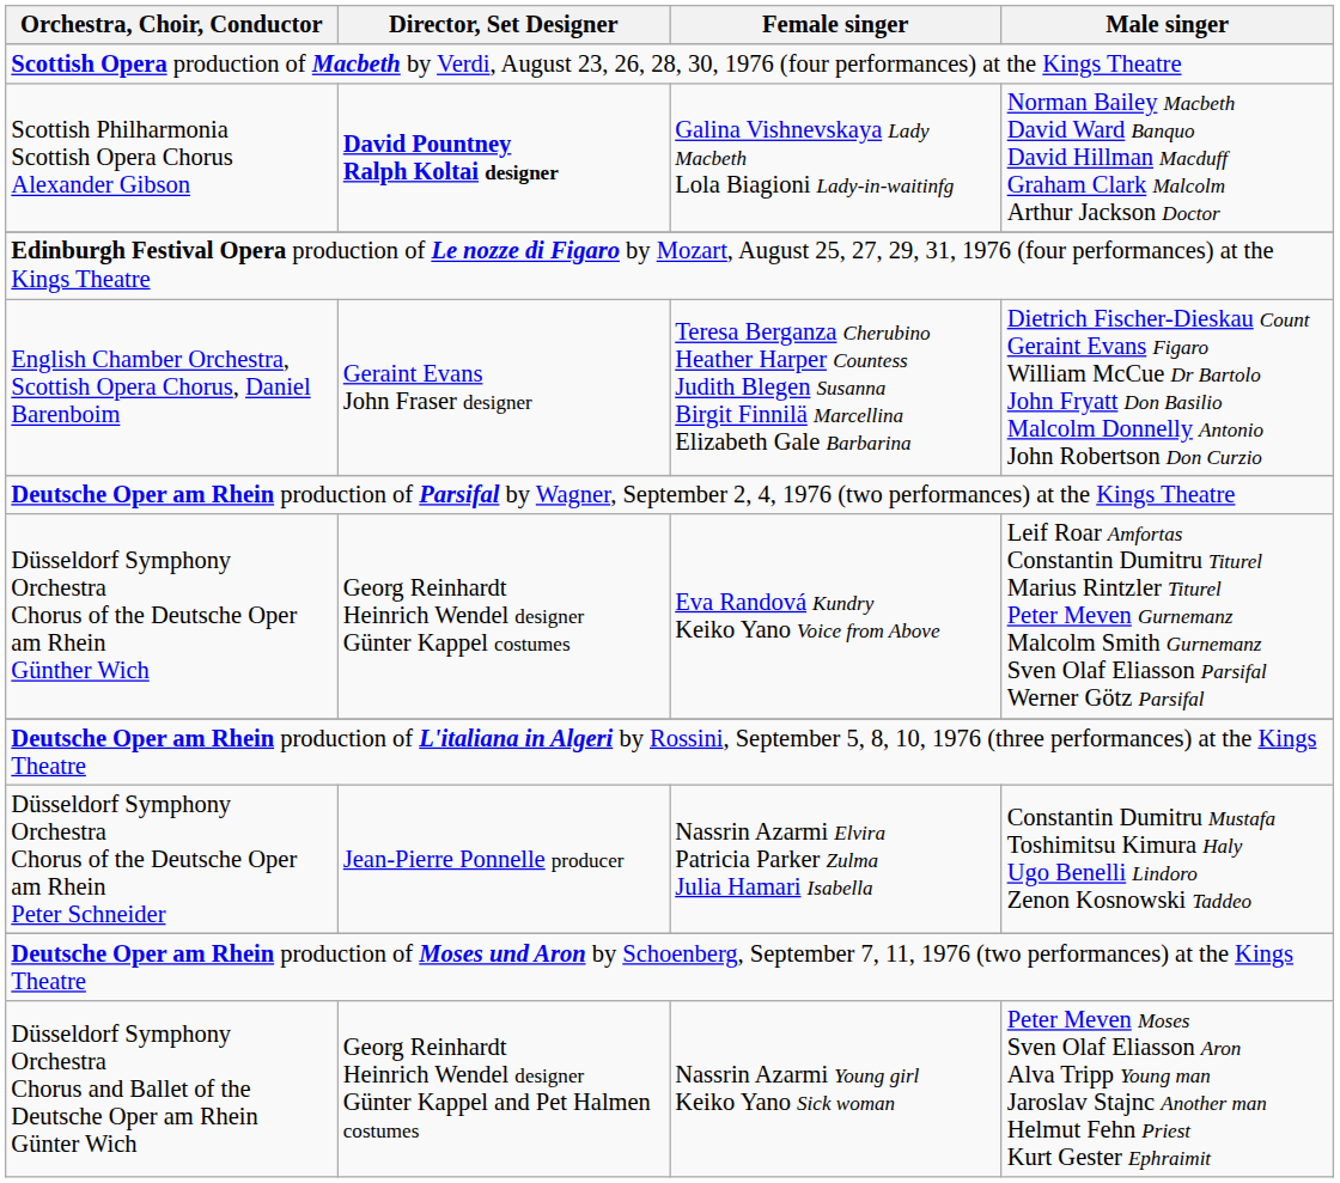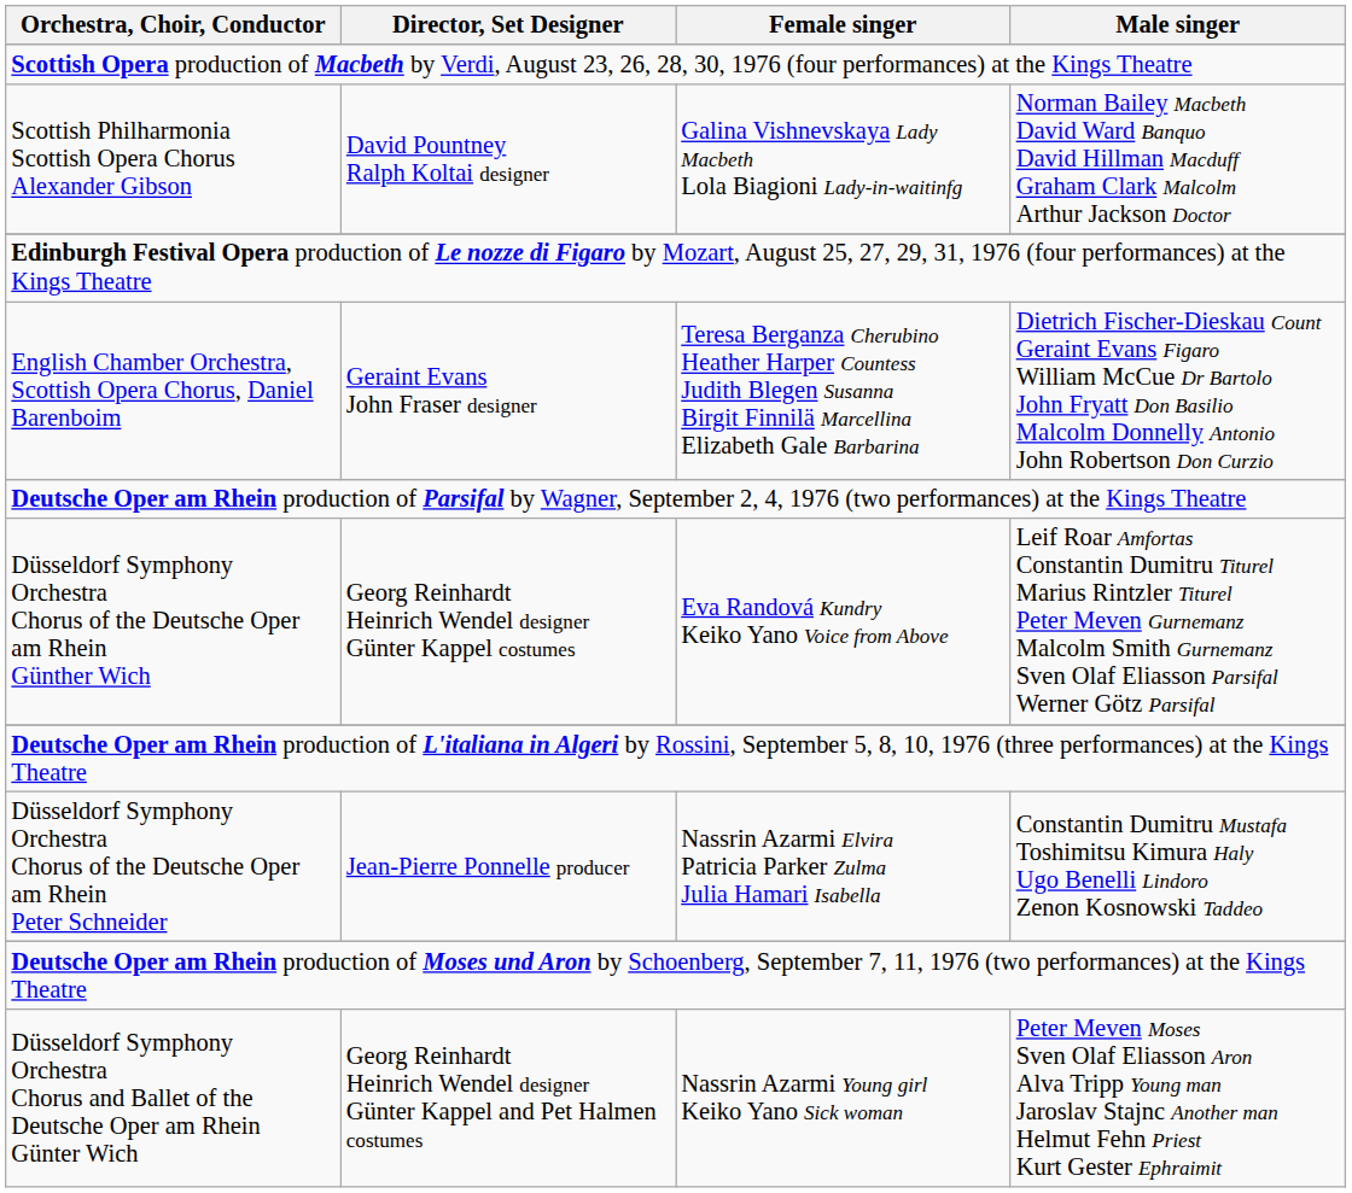 <table class="wikitable toptextcells">
 <tr class="hintergrundfarbe5">
 <th style="width:25%;">Orchestra, Choir, Conductor</th>
 <th style="width:25%;">Director, Set Designer</th>
 <th style="width:25%;">Female singer</th>
 <th style="width:25%;">Male singer</th>
 </tr>
 <tr>
 </tr>
 <tr class="hintergrundfarbe8">
 <td colspan="9"><strong><a href='#'>Scottish Opera</a></strong> production of <strong><em><a href='#'>Macbeth</a></em></strong> by <a href='#'>Verdi</a>, August 23, 26, 28, 30, 1976 (four performances) at the <a href='#'>Kings Theatre</a></td>
 </tr>
 <tr>
 <td>Scottish Philharmonia<br>Scottish Opera Chorus<br><a href='#'>Alexander Gibson</a></td>
-<td><strong><a href='#'>David Pountney</a><br><a href='#'>Ralph Koltai</a> <small>designer</small></strong></td>
+<td><a href='#'>David Pountney</a><br><a href='#'>Ralph Koltai</a> <small>designer</small></td>
 <td><a href='#'>Galina Vishnevskaya</a> <small><em>Lady Macbeth</em></small><br>Lola Biagioni <small><em>Lady-in-waitinfg</em></small></td>
 <td><a href='#'>Norman Bailey</a> <small><em>Macbeth</em></small><br><a href='#'>David Ward</a> <small><em>Banquo</em></small><br><a href='#'>David Hillman</a> <small><em>Macduff</em></small><br><a href='#'>Graham Clark</a> <small><em>Malcolm</em></small><br>Arthur Jackson <small><em>Doctor</em></small></td>
 </tr>
 <tr>
 </tr>
 <tr class="hintergrundfarbe8">
 <td colspan="9"><strong>Edinburgh Festival Opera</strong> production of <strong><em><a href='#'>Le nozze di Figaro</a></em></strong> by <a href='#'>Mozart</a>, August 25, 27, 29, 31, 1976 (four performances) at the <a href='#'>Kings Theatre</a></td>
 </tr>
 <tr>
 <td><a href='#'>English Chamber Orchestra</a>, <a href='#'>Scottish Opera Chorus</a>, <a href='#'>Daniel Barenboim</a></td>
 <td><a href='#'>Geraint Evans</a><br>John Fraser <small>designer</small></td>
 <td><a href='#'>Teresa Berganza</a> <small><em>Cherubino</em></small><br><a href='#'>Heather Harper</a> <small><em>Countess</em></small><br><a href='#'>Judith Blegen</a> <small><em>Susanna</em></small><br><a href='#'>Birgit Finnilä</a> <small><em>Marcellina</em></small><br>Elizabeth Gale <small><em>Barbarina</em></small></td>
 <td><a href='#'>Dietrich Fischer-Dieskau</a> <small><em>Count</em></small><br><a href='#'>Geraint Evans</a> <small><em>Figaro</em></small><br>William McCue <small><em>Dr Bartolo</em></small><br><a href='#'>John Fryatt</a> <small><em>Don Basilio</em></small><br><a href='#'>Malcolm Donnelly</a> <small><em>Antonio</em></small><br>John Robertson <small><em>Don Curzio</em></small></td>
 </tr>
 <tr>
 </tr>
 <tr class="hintergrundfarbe8">
 <td colspan="9"><strong><a href='#'>Deutsche Oper am Rhein</a></strong> production of <strong><em><a href='#'>Parsifal</a></em></strong> by <a href='#'>Wagner</a>, September 2, 4, 1976 (two performances) at the <a href='#'>Kings Theatre</a></td>
 </tr>
 <tr>
 <td>Düsseldorf Symphony Orchestra<br>Chorus of the Deutsche Oper am Rhein <br><a href='#'>Günther Wich</a></td>
 <td>Georg Reinhardt<br>Heinrich Wendel <small>designer</small><br>Günter Kappel <small>costumes</small></td>
 <td><a href='#'>Eva Randová</a> <small><em>Kundry</em></small><br>Keiko Yano <small><em>Voice from Above</em></small></td>
 <td>Leif Roar <small><em>Amfortas</em></small><br>Constantin Dumitru <small><em>Titurel</em></small><br>Marius Rintzler <small><em>Titurel</em></small><br><a href='#'>Peter Meven</a> <small><em>Gurnemanz</em></small><br>Malcolm Smith <small><em>Gurnemanz</em></small><br>Sven Olaf Eliasson <small><em>Parsifal</em></small><br>Werner Götz <small><em>Parsifal</em></small></td>
 </tr>
 <tr>
 </tr>
 <tr class="hintergrundfarbe8">
 <td colspan="9"><strong><a href='#'>Deutsche Oper am Rhein</a></strong> production of <strong><em><a href='#'>L'italiana in Algeri</a></em></strong> by <a href='#'>Rossini</a>, September 5, 8, 10, 1976 (three performances) at the <a href='#'>Kings Theatre</a></td>
 </tr>
 <tr>
 <td>Düsseldorf Symphony Orchestra<br>Chorus of the Deutsche Oper am Rhein <br><a href='#'>Peter Schneider</a></td>
 <td><a href='#'>Jean-Pierre Ponnelle</a> <small>producer</small></td>
 <td>Nassrin Azarmi <small><em>Elvira</em></small><br>Patricia Parker <small><em>Zulma</em></small><br><a href='#'>Julia Hamari</a> <small><em>Isabella</em></small></td>
 <td>Constantin Dumitru <small><em>Mustafa</em></small><br>Toshimitsu Kimura <small><em>Haly</em></small><br><a href='#'>Ugo Benelli</a> <small><em>Lindoro</em></small><br>Zenon Kosnowski <small><em>Taddeo</em></small></td>
 </tr>
 <tr>
 </tr>
 <tr class="hintergrundfarbe8">
 <td colspan="9"><strong><a href='#'>Deutsche Oper am Rhein</a></strong> production of <strong><em><a href='#'>Moses und Aron</a></em></strong> by <a href='#'>Schoenberg</a>, September 7, 11, 1976 (two performances) at the <a href='#'>Kings Theatre</a></td>
 </tr>
 <tr>
 <td>Düsseldorf Symphony Orchestra<br>Chorus and Ballet of the Deutsche Oper am Rhein <br>Günter Wich</td>
 <td>Georg Reinhardt <br>Heinrich Wendel <small>designer</small><br>Günter Kappel and Pet Halmen <small>costumes</small></td>
 <td>Nassrin Azarmi <small><em>Young girl</em></small><br>Keiko Yano <small><em>Sick woman</em></small></td>
 <td><a href='#'>Peter Meven</a> <small><em>Moses</em></small><br>Sven Olaf Eliasson <small><em>Aron</em></small><br>Alva Tripp <small><em>Young man</em></small><br>Jaroslav Stajnc <small><em>Another man</em></small><br>Helmut Fehn <small><em>Priest</em></small><br>Kurt Gester <small><em>Ephraimit</em></small></td>
 </tr>
 </table>
